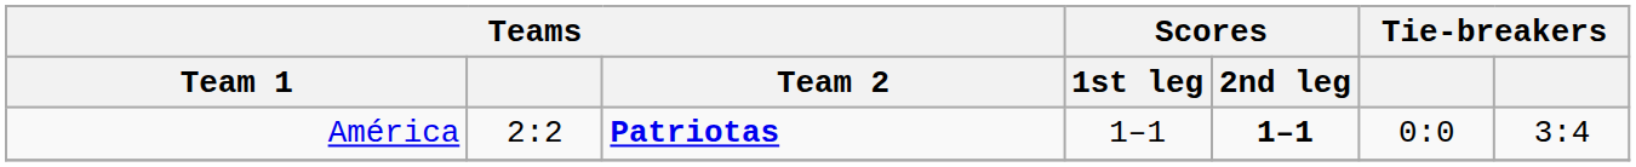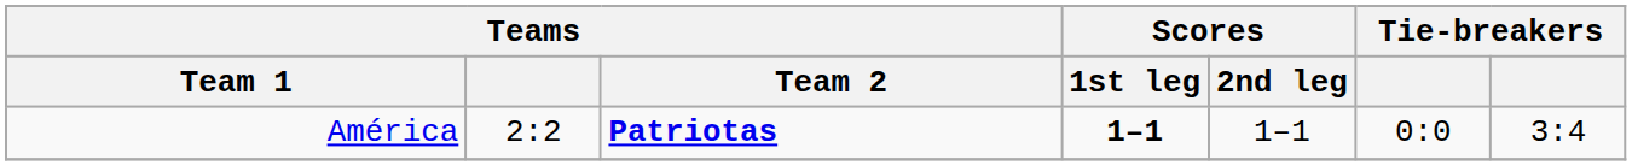 <table class="wikitable" style="text-align: center;">
 <tr>
 <th colspan=3>Teams</th>
 <th colspan=2>Scores</th>
 <th colspan=3>Tie-breakers</th>
 </tr>
 <tr>
 <th width="185">Team 1</th>
 <th width="50"></th>
 <th width="185">Team 2</th>
 <th width="55">1st leg</th>
 <th width="55">2nd leg</th>
 <th width="50"></th>
 <th width="50"></th>
 </tr>
 <tr>
 <td align=right><a href='#'>América</a></td>
 <td>2:2</td>
 <td align=left><strong><a href='#'>Patriotas</a></strong></td>
+<td><strong>1–1</strong></td>
 <td>1–1</td>
-<td><strong>1–1</strong></td>
 <td>0:0</td>
 <td>3:4</td>
 </tr>
 <tr>
 </tr>
 </table>
